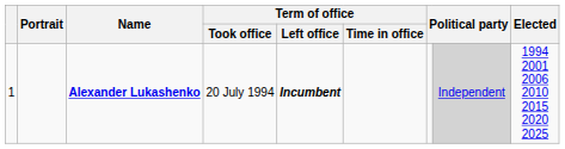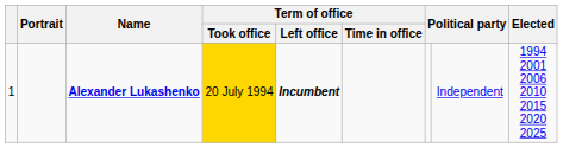 <table class="wikitable" style="text-align:center">
 <tr>
 <th rowspan=2></th>
 <th rowspan=2>Portrait</th>
 <th rowspan=2>Name<br></th>
 <th colspan=3>Term of office</th>
 <th colspan=2 rowspan=2>Political party</th>
 <th rowspan=2>Elected</th>
 </tr>
 <tr>
 <th>Took office</th>
 <th>Left office</th>
 <th>Time in office</th>
 </tr>
 <tr>
 <td>1</td>
 <td></td>
 <td><strong><a href='#'>Alexander Lukashenko</a></strong><br></td>
-<td>20 July 1994</td>
+<td style="background: gold;">20 July 1994</td>
 <td><strong><em>Incumbent</em></strong></td>
 <td></td>
 <td style="background: "></td>
-<td style="background: lightgrey;"><a href='#'>Independent</a><br></td>
+<td><a href='#'>Independent</a><br></td>
 <td><a href='#'>1994</a><br><a href='#'>2001</a><br><a href='#'>2006</a><br><a href='#'>2010</a><br><a href='#'>2015</a><br><a href='#'>2020</a><br><a href='#'>2025</a></td>
 </tr>
 </table>
